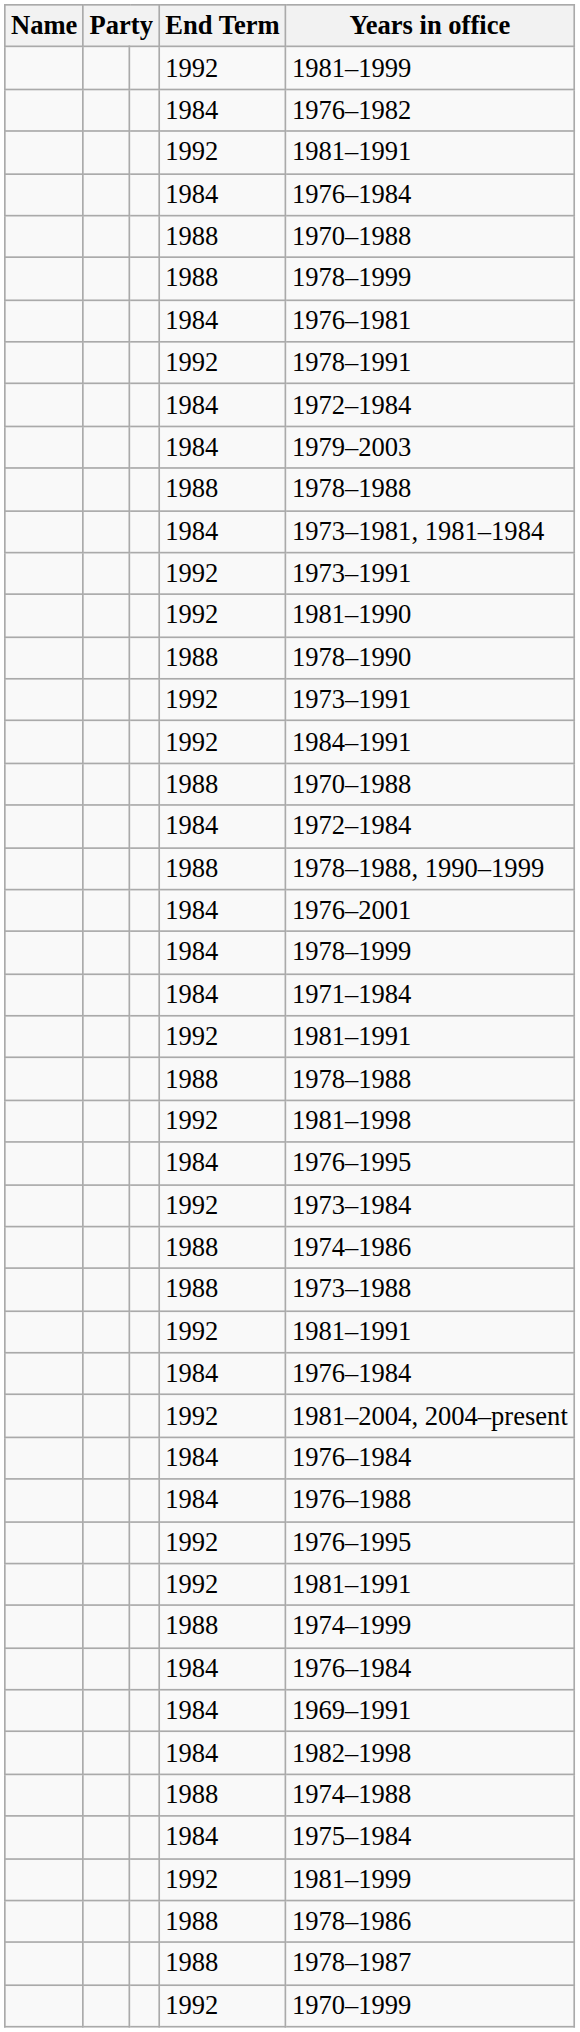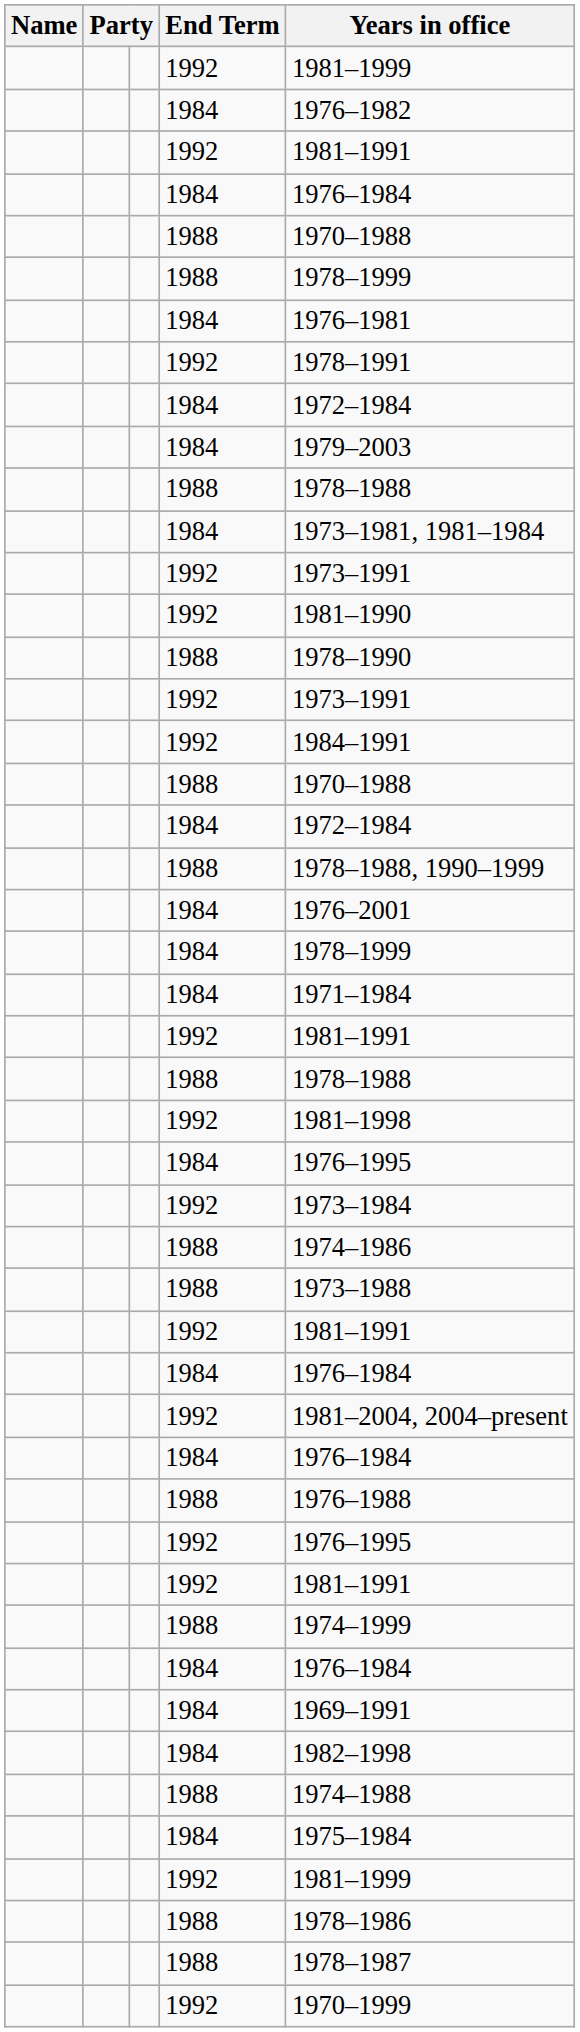 <table class="wikitable sortable">
 <tr>
 <th>Name</th>
 <th colspan=2>Party</th>
 <th>End Term</th>
 <th>Years in office</th>
 </tr>
 <tr>
 <td></td>
 <td> </td>
 <td></td>
 <td>1992</td>
 <td>1981–1999</td>
 </tr>
 <tr>
 <td></td>
 <td> </td>
 <td></td>
 <td>1984</td>
 <td>1976–1982</td>
 </tr>
 <tr>
 <td></td>
 <td> </td>
 <td></td>
 <td>1992</td>
 <td>1981–1991</td>
 </tr>
 <tr>
 <td></td>
 <td> </td>
 <td></td>
 <td>1984</td>
 <td>1976–1984</td>
 </tr>
 <tr>
 <td></td>
 <td> </td>
 <td></td>
 <td>1988</td>
 <td>1970–1988</td>
 </tr>
 <tr>
 <td></td>
 <td> </td>
 <td></td>
 <td>1988</td>
 <td>1978–1999</td>
 </tr>
 <tr>
 <td></td>
 <td> </td>
 <td></td>
 <td>1984</td>
 <td>1976–1981</td>
 </tr>
 <tr>
 <td></td>
 <td> </td>
 <td></td>
 <td>1992</td>
 <td>1978–1991</td>
 </tr>
 <tr>
 <td></td>
 <td> </td>
 <td></td>
 <td>1984</td>
 <td>1972–1984</td>
 </tr>
 <tr>
 <td></td>
 <td> </td>
 <td></td>
 <td>1984</td>
 <td>1979–2003</td>
 </tr>
 <tr>
 <td></td>
 <td> </td>
 <td></td>
 <td>1988</td>
 <td>1978–1988</td>
 </tr>
 <tr>
 <td></td>
 <td> </td>
 <td></td>
 <td>1984</td>
 <td>1973–1981, 1981–1984</td>
 </tr>
 <tr>
 <td></td>
 <td> </td>
 <td></td>
 <td>1992</td>
 <td>1973–1991</td>
 </tr>
 <tr>
 <td></td>
 <td> </td>
 <td></td>
 <td>1992</td>
 <td>1981–1990</td>
 </tr>
 <tr>
 <td></td>
 <td> </td>
 <td></td>
 <td>1988</td>
 <td>1978–1990</td>
 </tr>
 <tr>
 <td></td>
 <td> </td>
 <td></td>
 <td>1992</td>
 <td>1973–1991</td>
 </tr>
 <tr>
 <td></td>
 <td> </td>
 <td></td>
 <td>1992</td>
 <td>1984–1991</td>
 </tr>
 <tr>
 <td></td>
 <td> </td>
 <td></td>
 <td>1988</td>
 <td>1970–1988</td>
 </tr>
 <tr>
 <td></td>
 <td> </td>
 <td></td>
 <td>1984</td>
 <td>1972–1984</td>
 </tr>
 <tr>
 <td></td>
 <td> </td>
 <td></td>
 <td>1988</td>
 <td>1978–1988, 1990–1999</td>
 </tr>
 <tr>
 <td></td>
 <td> </td>
 <td></td>
 <td>1984</td>
 <td>1976–2001</td>
 </tr>
 <tr>
 <td></td>
 <td> </td>
 <td></td>
 <td>1984</td>
 <td>1978–1999</td>
 </tr>
 <tr>
 <td></td>
 <td> </td>
 <td></td>
 <td>1984</td>
 <td>1971–1984</td>
 </tr>
 <tr>
 <td></td>
 <td> </td>
 <td></td>
 <td>1992</td>
 <td>1981–1991</td>
 </tr>
 <tr>
 <td></td>
 <td> </td>
 <td></td>
 <td>1988</td>
 <td>1978–1988</td>
 </tr>
 <tr>
 <td></td>
 <td> </td>
 <td></td>
 <td>1992</td>
 <td>1981–1998</td>
 </tr>
 <tr>
 <td></td>
 <td> </td>
 <td></td>
 <td>1984</td>
 <td>1976–1995</td>
 </tr>
 <tr>
 <td></td>
 <td> </td>
 <td></td>
 <td>1992</td>
 <td>1973–1984</td>
 </tr>
 <tr>
 <td></td>
 <td> </td>
 <td></td>
 <td>1988</td>
 <td>1974–1986</td>
 </tr>
 <tr>
 <td></td>
 <td> </td>
 <td></td>
 <td>1988</td>
 <td>1973–1988</td>
 </tr>
 <tr>
 <td></td>
 <td> </td>
 <td></td>
 <td>1992</td>
 <td>1981–1991</td>
 </tr>
 <tr>
 <td></td>
 <td> </td>
 <td></td>
 <td>1984</td>
 <td>1976–1984</td>
 </tr>
 <tr>
 <td></td>
 <td> </td>
 <td></td>
 <td>1992</td>
 <td>1981–2004, 2004–present</td>
 </tr>
 <tr>
 <td></td>
 <td> </td>
 <td></td>
 <td>1984</td>
 <td>1976–1984</td>
 </tr>
 <tr>
 <td></td>
 <td> </td>
 <td></td>
-<td>1984</td>
+<td>1988</td>
 <td>1976–1988</td>
 </tr>
 <tr>
 <td></td>
 <td> </td>
 <td></td>
 <td>1992</td>
 <td>1976–1995</td>
 </tr>
 <tr>
 <td></td>
 <td> </td>
 <td></td>
 <td>1992</td>
 <td>1981–1991</td>
 </tr>
 <tr>
 <td></td>
 <td> </td>
 <td></td>
 <td>1988</td>
 <td>1974–1999</td>
 </tr>
 <tr>
 <td></td>
 <td> </td>
 <td></td>
 <td>1984</td>
 <td>1976–1984</td>
 </tr>
 <tr>
 <td></td>
 <td> </td>
 <td></td>
 <td>1984</td>
 <td>1969–1991</td>
 </tr>
 <tr>
 <td></td>
 <td> </td>
 <td></td>
 <td>1984</td>
 <td>1982–1998</td>
 </tr>
 <tr>
 <td></td>
 <td> </td>
 <td></td>
 <td>1988</td>
 <td>1974–1988</td>
 </tr>
 <tr>
 <td></td>
 <td> </td>
 <td></td>
 <td>1984</td>
 <td>1975–1984</td>
 </tr>
 <tr>
 <td></td>
 <td> </td>
 <td></td>
 <td>1992</td>
 <td>1981–1999</td>
 </tr>
 <tr>
 <td></td>
 <td> </td>
 <td></td>
 <td>1988</td>
 <td>1978–1986</td>
 </tr>
 <tr>
 <td></td>
 <td> </td>
 <td></td>
 <td>1988</td>
 <td>1978–1987</td>
 </tr>
 <tr>
 <td></td>
 <td> </td>
 <td></td>
 <td>1992</td>
 <td>1970–1999</td>
 </tr>
 </table>
